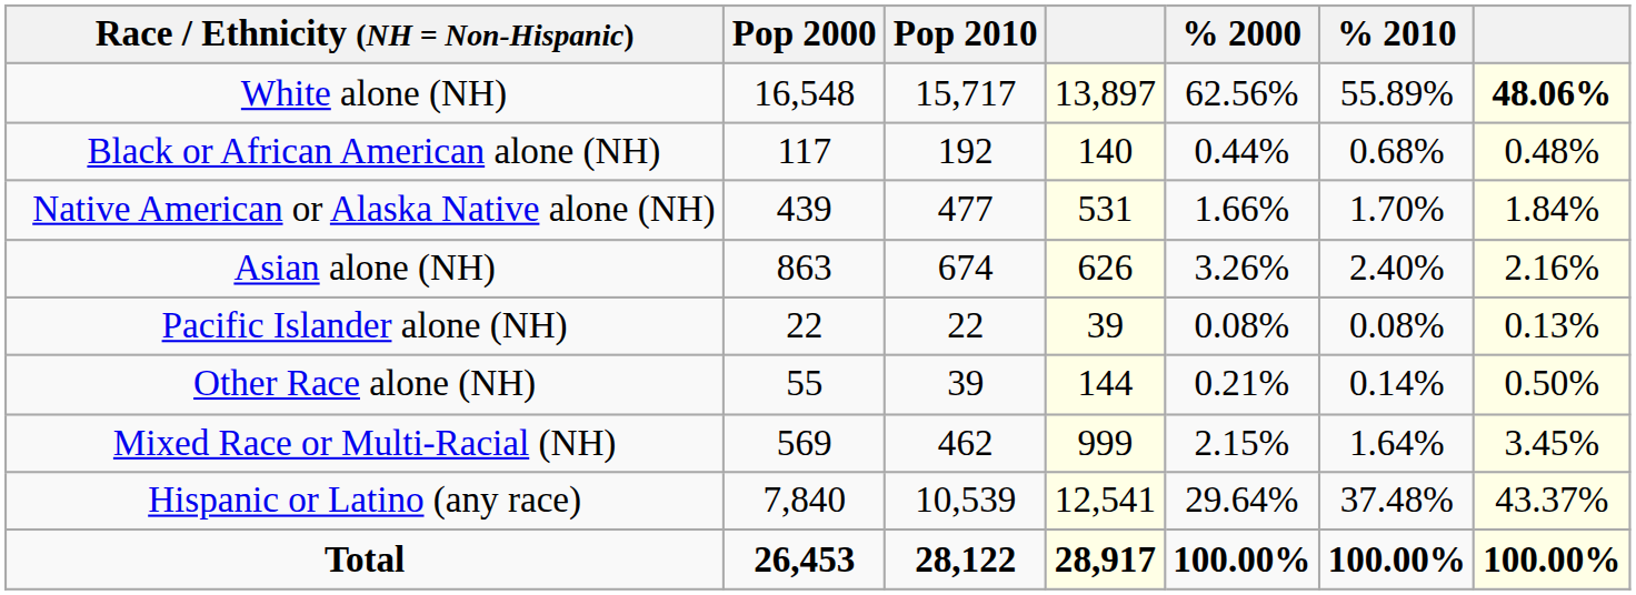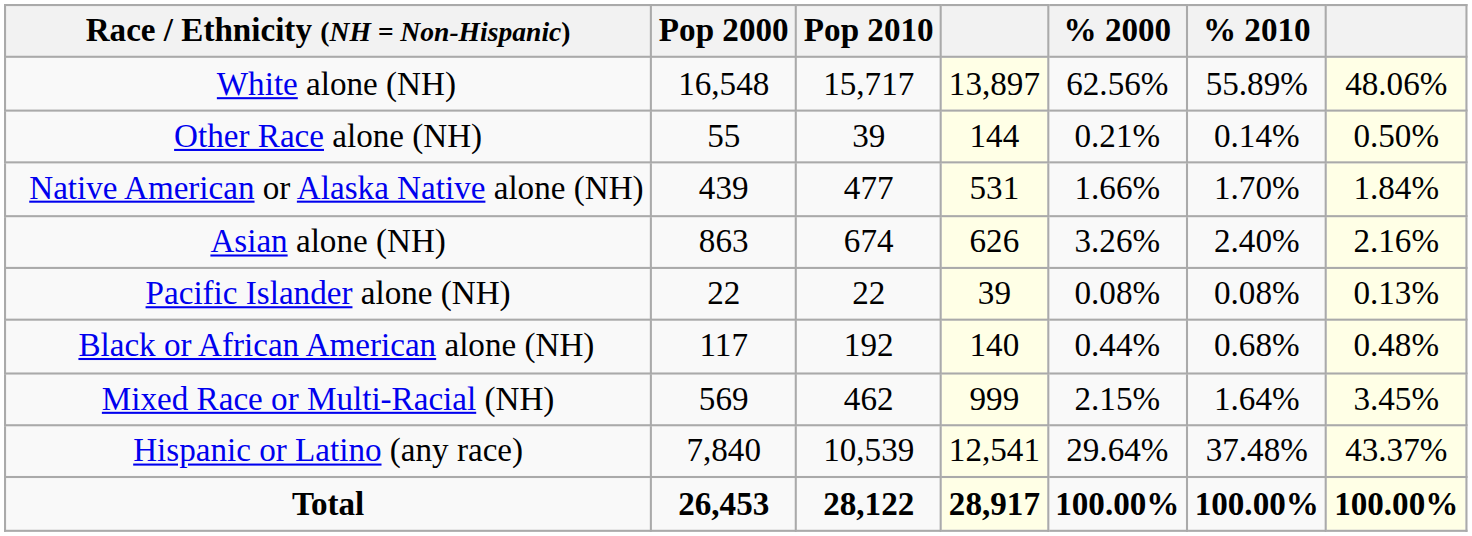 <table class="wikitable" style="text-align:center;">
 <tr>
 <th>Race / Ethnicity <small>(<em>NH = Non-Hispanic</em>)</small></th>
 <th>Pop 2000</th>
 <th>Pop 2010</th>
 <th></th>
 <th>% 2000</th>
 <th>% 2010</th>
 <th></th>
 </tr>
 <tr>
 <td>  <a href='#'>White</a> alone (NH)</td>
 <td>16,548</td>
 <td>15,717</td>
 <td style='background: #ffffe6;'>13,897</td>
 <td>62.56%</td>
 <td>55.89%</td>
-<td style='background: #ffffe6;'><strong>48.06%</strong></td>
+<td style='background: #ffffe6;'>48.06%</td>
 </tr>
 <tr>
-<td>  <a href='#'>Black or African American</a> alone (NH)</td>
-<td>117</td>
-<td>192</td>
-<td style='background: #ffffe6;'>140</td>
-<td>0.44%</td>
-<td>0.68%</td>
-<td style='background: #ffffe6;'>0.48%</td>
+<td><a href='#'>Other Race</a> alone (NH)</td>
+<td>55</td>
+<td>39</td>
+<td style='background: #ffffe6;'>144</td>
+<td>0.21%</td>
+<td>0.14%</td>
+<td style='background: #ffffe6;'>0.50%</td>
 </tr>
 <tr>
 <td>  <a href='#'>Native American</a> or <a href='#'>Alaska Native</a> alone (NH)</td>
 <td>439</td>
 <td>477</td>
 <td style='background: #ffffe6;'>531</td>
 <td>1.66%</td>
 <td>1.70%</td>
 <td style='background: #ffffe6;'>1.84%</td>
 </tr>
 <tr>
 <td><a href='#'>Asian</a> alone (NH)</td>
 <td>863</td>
 <td>674</td>
 <td style='background: #ffffe6;'>626</td>
 <td>3.26%</td>
 <td>2.40%</td>
 <td style='background: #ffffe6;'>2.16%</td>
 </tr>
 <tr>
 <td><a href='#'>Pacific Islander</a> alone (NH)</td>
 <td>22</td>
 <td>22</td>
 <td style='background: #ffffe6;'>39</td>
 <td>0.08%</td>
 <td>0.08%</td>
 <td style='background: #ffffe6;'>0.13%</td>
 </tr>
 <tr>
-<td><a href='#'>Other Race</a> alone (NH)</td>
-<td>55</td>
-<td>39</td>
-<td style='background: #ffffe6;'>144</td>
-<td>0.21%</td>
-<td>0.14%</td>
-<td style='background: #ffffe6;'>0.50%</td>
+<td>  <a href='#'>Black or African American</a> alone (NH)</td>
+<td>117</td>
+<td>192</td>
+<td style='background: #ffffe6;'>140</td>
+<td>0.44%</td>
+<td>0.68%</td>
+<td style='background: #ffffe6;'>0.48%</td>
 </tr>
 <tr>
 <td><a href='#'>Mixed Race or Multi-Racial</a> (NH)</td>
 <td>569</td>
 <td>462</td>
 <td style='background: #ffffe6;'>999</td>
 <td>2.15%</td>
 <td>1.64%</td>
 <td style='background: #ffffe6;'>3.45%</td>
 </tr>
 <tr>
 <td><a href='#'>Hispanic or Latino</a> (any race)</td>
 <td>7,840</td>
 <td>10,539</td>
 <td style='background: #ffffe6;'>12,541</td>
 <td>29.64%</td>
 <td>37.48%</td>
 <td style='background: #ffffe6;'>43.37%</td>
 </tr>
 <tr>
 <td><strong>Total</strong></td>
 <td><strong>26,453</strong></td>
 <td><strong>28,122</strong></td>
 <td style='background: #ffffe6;'><strong>28,917</strong></td>
 <td><strong>100.00%</strong></td>
 <td><strong>100.00%</strong></td>
 <td style='background: #ffffe6;'><strong>100.00%</strong></td>
 </tr>
 </table>
